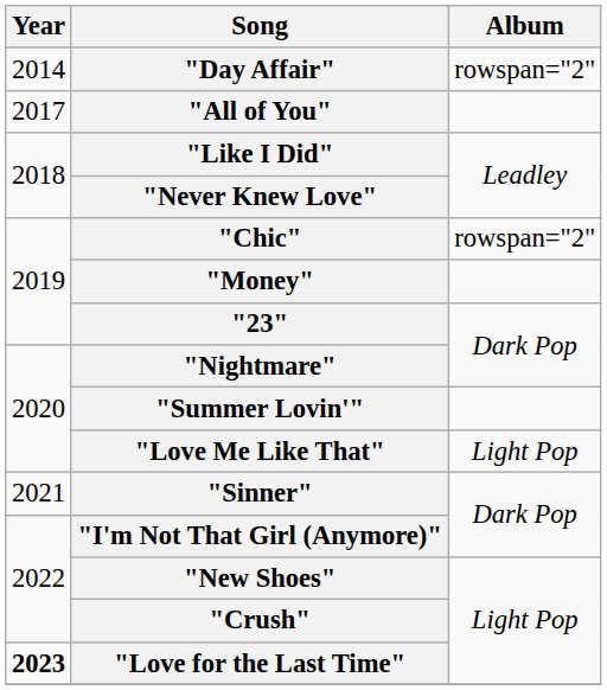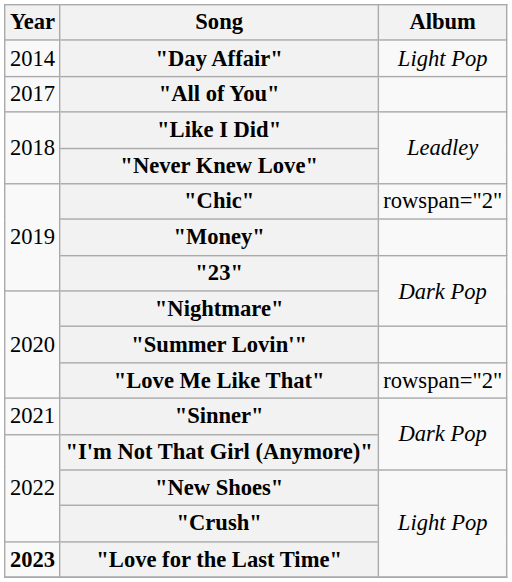 <table class="wikitable plainrowheaders" style=text-align:center;>
 <tr>
 <th>Year</th>
 <th>Song</th>
 <th>Album</th>
 </tr>
 <tr>
 <td>2014</td>
 <th scope="row">"Day Affair"</th>
-<td>rowspan="2" </td>
+<td><em>Light Pop</em></td>
 </tr>
 <tr>
 <td>2017</td>
 <th scope="row">"All of You"</th>
 </tr>
 <tr>
 <td rowspan="2">2018</td>
 <th scope="row">"Like I Did"</th>
 <td rowspan="2"><em>Leadley</em></td>
 </tr>
 <tr>
 <th scope="row">"Never Knew Love"</th>
 </tr>
 <tr>
 <td rowspan="3">2019</td>
 <th scope="row">"Chic"</th>
 <td>rowspan="2" </td>
 </tr>
 <tr>
 <th scope="row">"Money"</th>
 <td></td>
 </tr>
 <tr>
 <th scope="row">"23"</th>
 <td rowspan="2"><em>Dark Pop</em></td>
 </tr>
 <tr>
 <td rowspan="3">2020</td>
 <th scope="row">"Nightmare"</th>
 </tr>
 <tr>
 <th scope="row">"Summer Lovin'"</th>
 <td></td>
 </tr>
 <tr>
 <th scope="row">"Love Me Like That"</th>
-<td><em>Light Pop</em></td>
+<td>rowspan="2" </td>
 </tr>
 <tr>
 <td>2021</td>
 <th scope="row">"Sinner"</th>
 <td rowspan="2"><em>Dark Pop</em></td>
 </tr>
 <tr>
 <td rowspan="3">2022</td>
 <th scope="row">"I'm Not That Girl (Anymore)"</th>
 </tr>
 <tr>
 <th scope="row">"New Shoes"</th>
 <td rowspan="3"><em>Light Pop</em></td>
 </tr>
 <tr>
 <th scope="row">"Crush"</th>
 </tr>
 <tr>
 <td><strong>2023</strong></td>
 <th scope="row">"Love for the Last Time"</th>
 </tr>
 <tr>
 </tr>
 </table>
